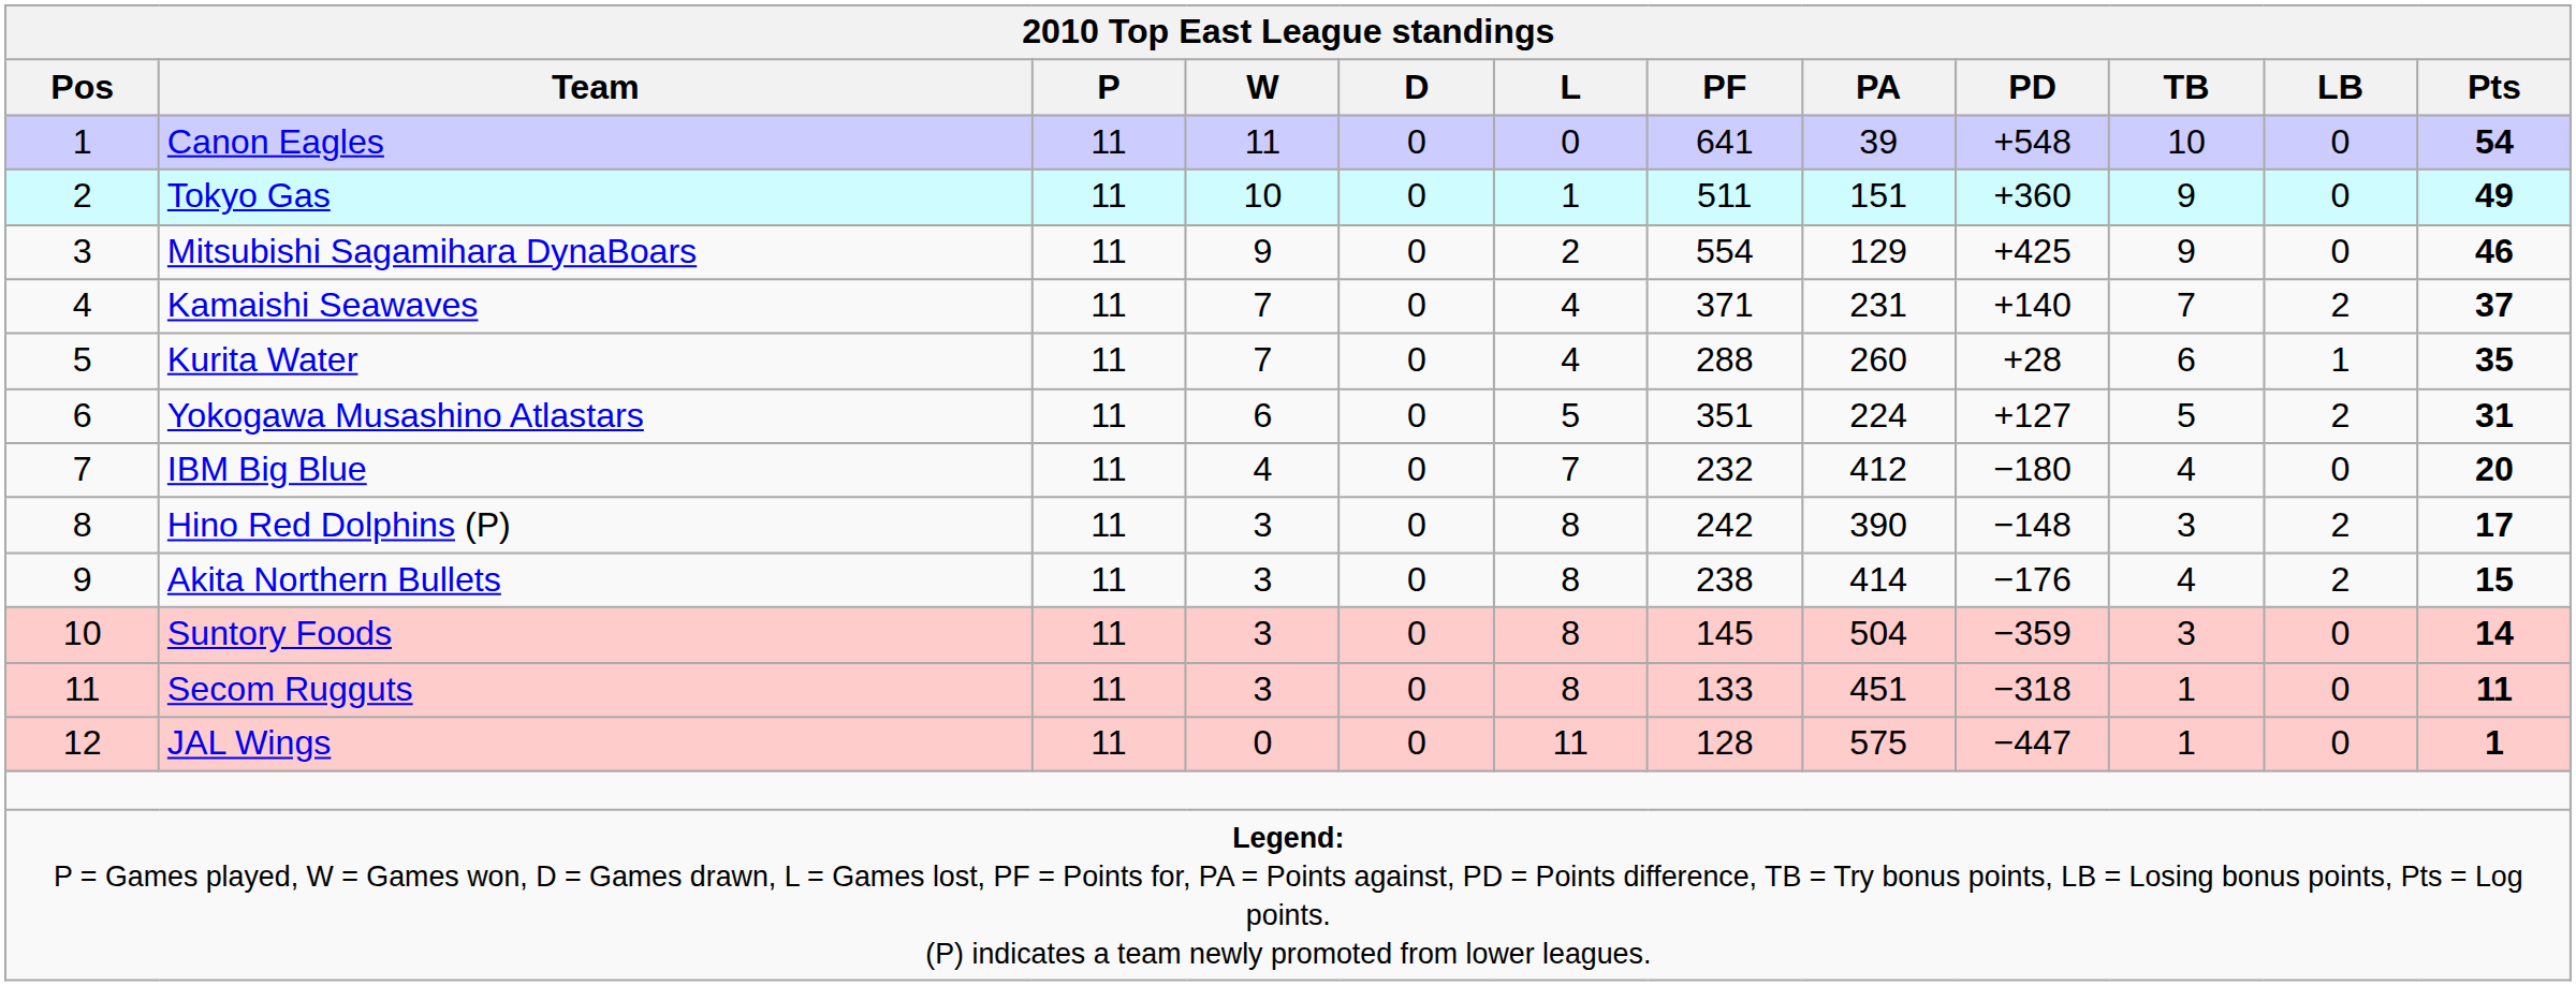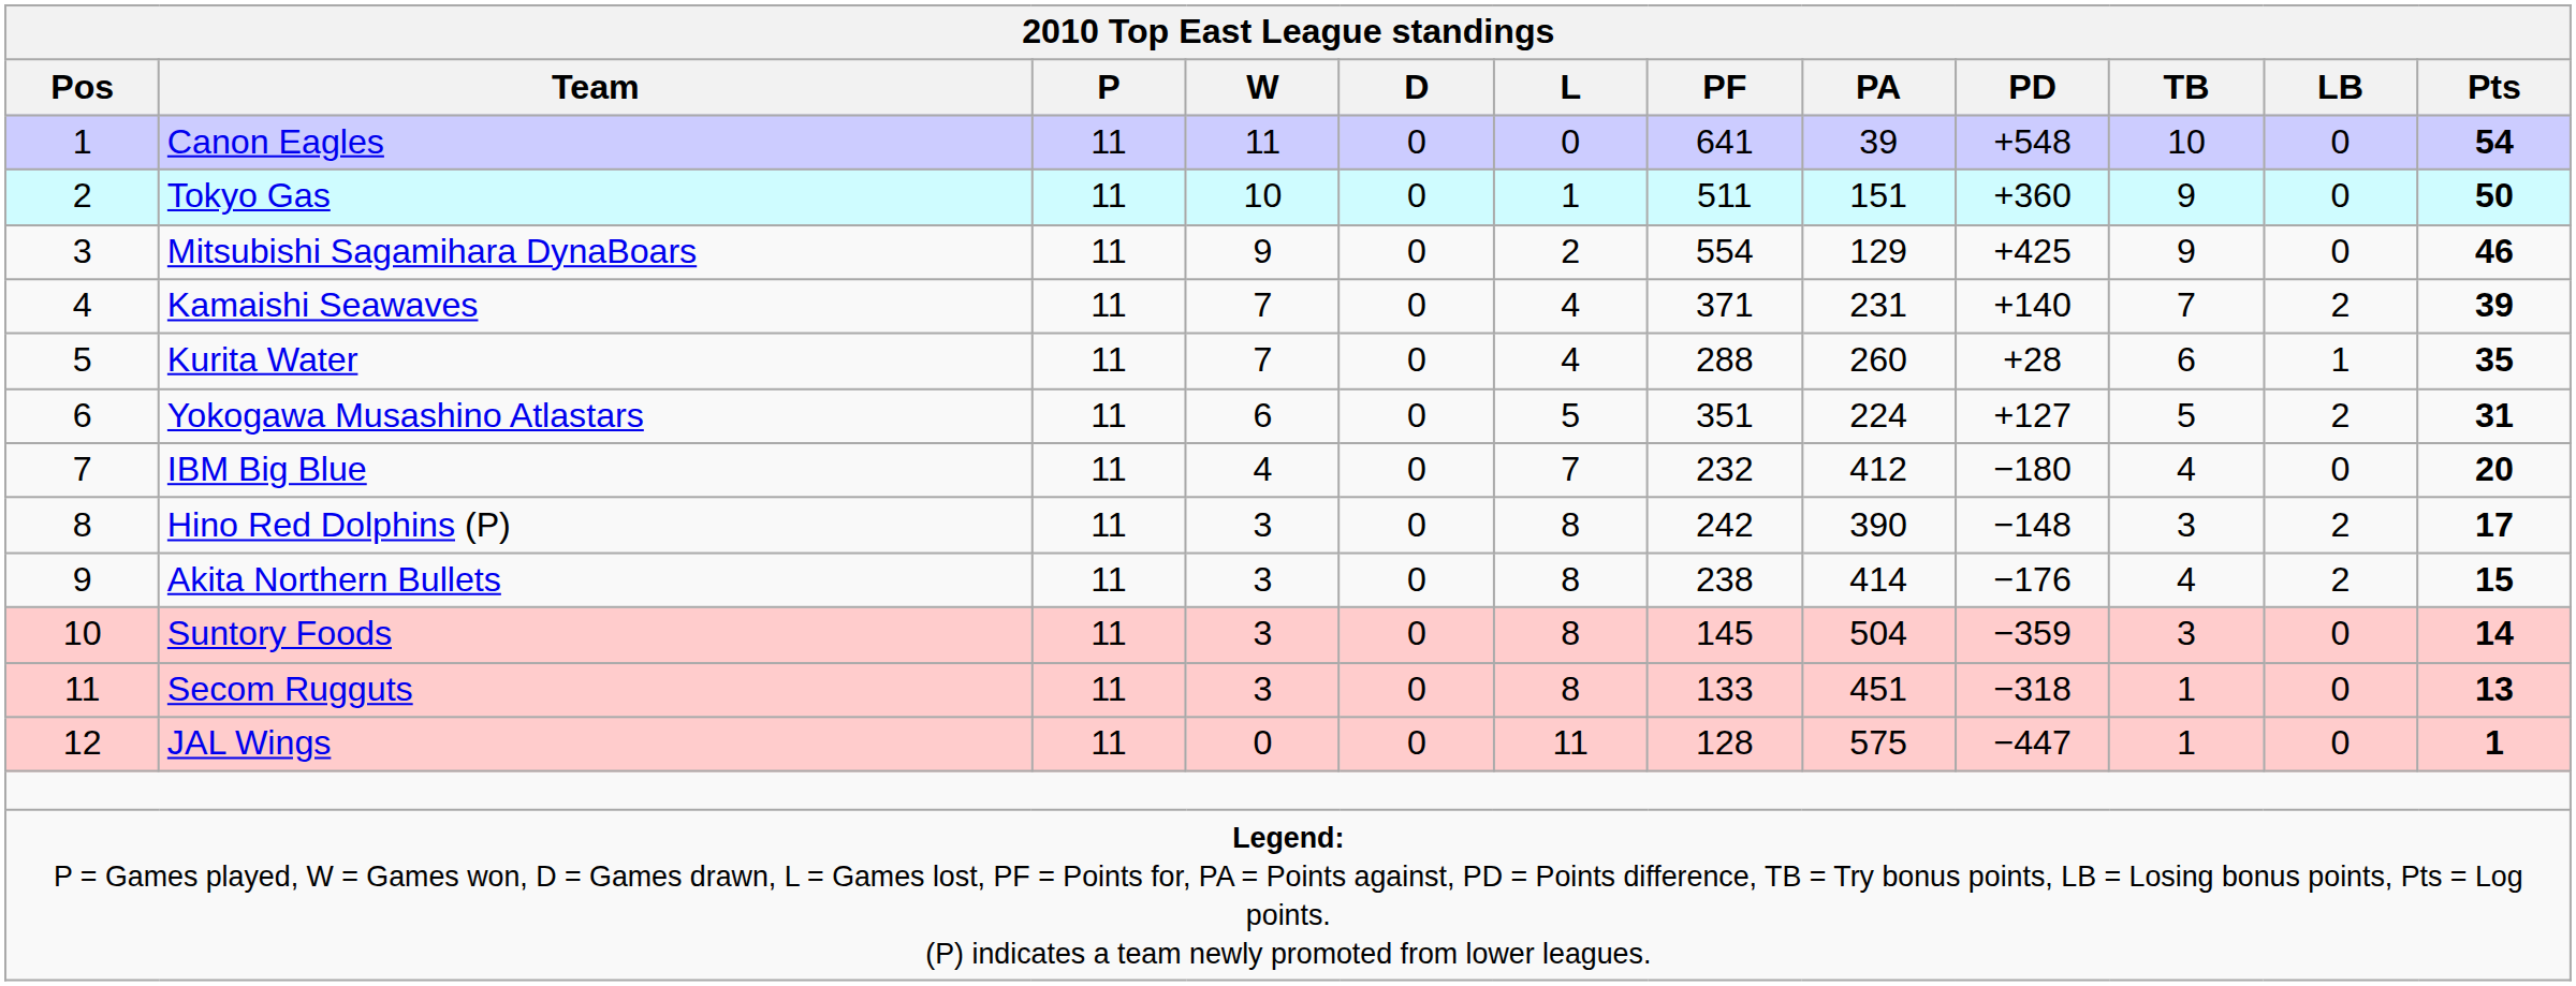 <table class="wikitable" style="text-align:center; font-size:100%; width:60%;">
 <tr>
 <th colspan="100%" cellpadding="0" cellspacing="0"><strong>2010 Top East League standings</strong></th>
 </tr>
 <tr>
 <th style="width:6%;">Pos</th>
 <th style="width:34%;">Team</th>
 <th style="width:6%;">P</th>
 <th style="width:6%;">W</th>
 <th style="width:6%;">D</th>
 <th style="width:6%;">L</th>
 <th style="width:6%;">PF</th>
 <th style="width:6%;">PA</th>
 <th style="width:6%;">PD</th>
 <th style="width:6%;">TB</th>
 <th style="width:6%;">LB</th>
 <th style="width:6%;">Pts<br></th>
 </tr>
 <tr style="background:#CCCCFF;">
 <td>1</td>
 <td style="text-align:left;"><a href='#'>Canon Eagles</a></td>
 <td>11</td>
 <td>11</td>
 <td>0</td>
 <td>0</td>
 <td>641</td>
 <td>39</td>
 <td>+548</td>
 <td>10</td>
 <td>0</td>
 <td><strong>54</strong></td>
 </tr>
 <tr style="background:#CFFCFF;">
 <td>2</td>
 <td style="text-align:left;"><a href='#'>Tokyo Gas</a></td>
 <td>11</td>
 <td>10</td>
 <td>0</td>
 <td>1</td>
 <td>511</td>
 <td>151</td>
 <td>+360</td>
 <td>9</td>
 <td>0</td>
-<td><strong>49</strong></td>
+<td><strong>50</strong></td>
 </tr>
 <tr>
 <td>3</td>
 <td style="text-align:left;"><a href='#'>Mitsubishi Sagamihara DynaBoars</a></td>
 <td>11</td>
 <td>9</td>
 <td>0</td>
 <td>2</td>
 <td>554</td>
 <td>129</td>
 <td>+425</td>
 <td>9</td>
 <td>0</td>
 <td><strong>46</strong></td>
 </tr>
 <tr>
 <td>4</td>
 <td style="text-align:left;"><a href='#'>Kamaishi Seawaves</a></td>
 <td>11</td>
 <td>7</td>
 <td>0</td>
 <td>4</td>
 <td>371</td>
 <td>231</td>
 <td>+140</td>
 <td>7</td>
 <td>2</td>
-<td><strong>37</strong></td>
+<td><strong>39</strong></td>
 </tr>
 <tr>
 <td>5</td>
 <td style="text-align:left;"><a href='#'>Kurita Water</a></td>
 <td>11</td>
 <td>7</td>
 <td>0</td>
 <td>4</td>
 <td>288</td>
 <td>260</td>
 <td>+28</td>
 <td>6</td>
 <td>1</td>
 <td><strong>35</strong></td>
 </tr>
 <tr>
 <td>6</td>
 <td style="text-align:left;"><a href='#'>Yokogawa Musashino Atlastars</a></td>
 <td>11</td>
 <td>6</td>
 <td>0</td>
 <td>5</td>
 <td>351</td>
 <td>224</td>
 <td>+127</td>
 <td>5</td>
 <td>2</td>
 <td><strong>31</strong></td>
 </tr>
 <tr>
 <td>7</td>
 <td style="text-align:left;"><a href='#'>IBM Big Blue</a></td>
 <td>11</td>
 <td>4</td>
 <td>0</td>
 <td>7</td>
 <td>232</td>
 <td>412</td>
 <td>−180</td>
 <td>4</td>
 <td>0</td>
 <td><strong>20</strong></td>
 </tr>
 <tr>
 <td>8</td>
 <td style="text-align:left;"><a href='#'>Hino Red Dolphins</a> (P)</td>
 <td>11</td>
 <td>3</td>
 <td>0</td>
 <td>8</td>
 <td>242</td>
 <td>390</td>
 <td>−148</td>
 <td>3</td>
 <td>2</td>
 <td><strong>17</strong></td>
 </tr>
 <tr>
 <td>9</td>
 <td style="text-align:left;"><a href='#'>Akita Northern Bullets</a></td>
 <td>11</td>
 <td>3</td>
 <td>0</td>
 <td>8</td>
 <td>238</td>
 <td>414</td>
 <td>−176</td>
 <td>4</td>
 <td>2</td>
 <td><strong>15</strong></td>
 </tr>
 <tr style="background:#FFCCCC;">
 <td>10</td>
 <td style="text-align:left;"><a href='#'>Suntory Foods</a></td>
 <td>11</td>
 <td>3</td>
 <td>0</td>
 <td>8</td>
 <td>145</td>
 <td>504</td>
 <td>−359</td>
 <td>3</td>
 <td>0</td>
 <td><strong>14</strong></td>
 </tr>
 <tr style="background:#FFCCCC;">
 <td>11</td>
 <td style="text-align:left;"><a href='#'>Secom Rugguts</a></td>
 <td>11</td>
 <td>3</td>
 <td>0</td>
 <td>8</td>
 <td>133</td>
 <td>451</td>
 <td>−318</td>
 <td>1</td>
 <td>0</td>
-<td><strong>11</strong></td>
+<td><strong>13</strong></td>
 </tr>
 <tr style="background:#FFCCCC;">
 <td>12</td>
 <td style="text-align:left;"><a href='#'>JAL Wings</a></td>
 <td>11</td>
 <td>0</td>
 <td>0</td>
 <td>11</td>
 <td>128</td>
 <td>575</td>
 <td>−447</td>
 <td>1</td>
 <td>0</td>
 <td><strong>1</strong></td>
 </tr>
 <tr>
 <td colspan="100%" style="height:10px;"></td>
 </tr>
 <tr>
 <td colspan="100%"><small><strong>Legend:</strong> <br> P = Games played, W = Games won, D = Games drawn, L = Games lost, PF = Points for, PA = Points against, PD = Points difference, TB = Try bonus points, LB = Losing bonus points, Pts = Log points. <br> (P) indicates a team newly promoted from lower leagues.</small></td>
 </tr>
 </table>
